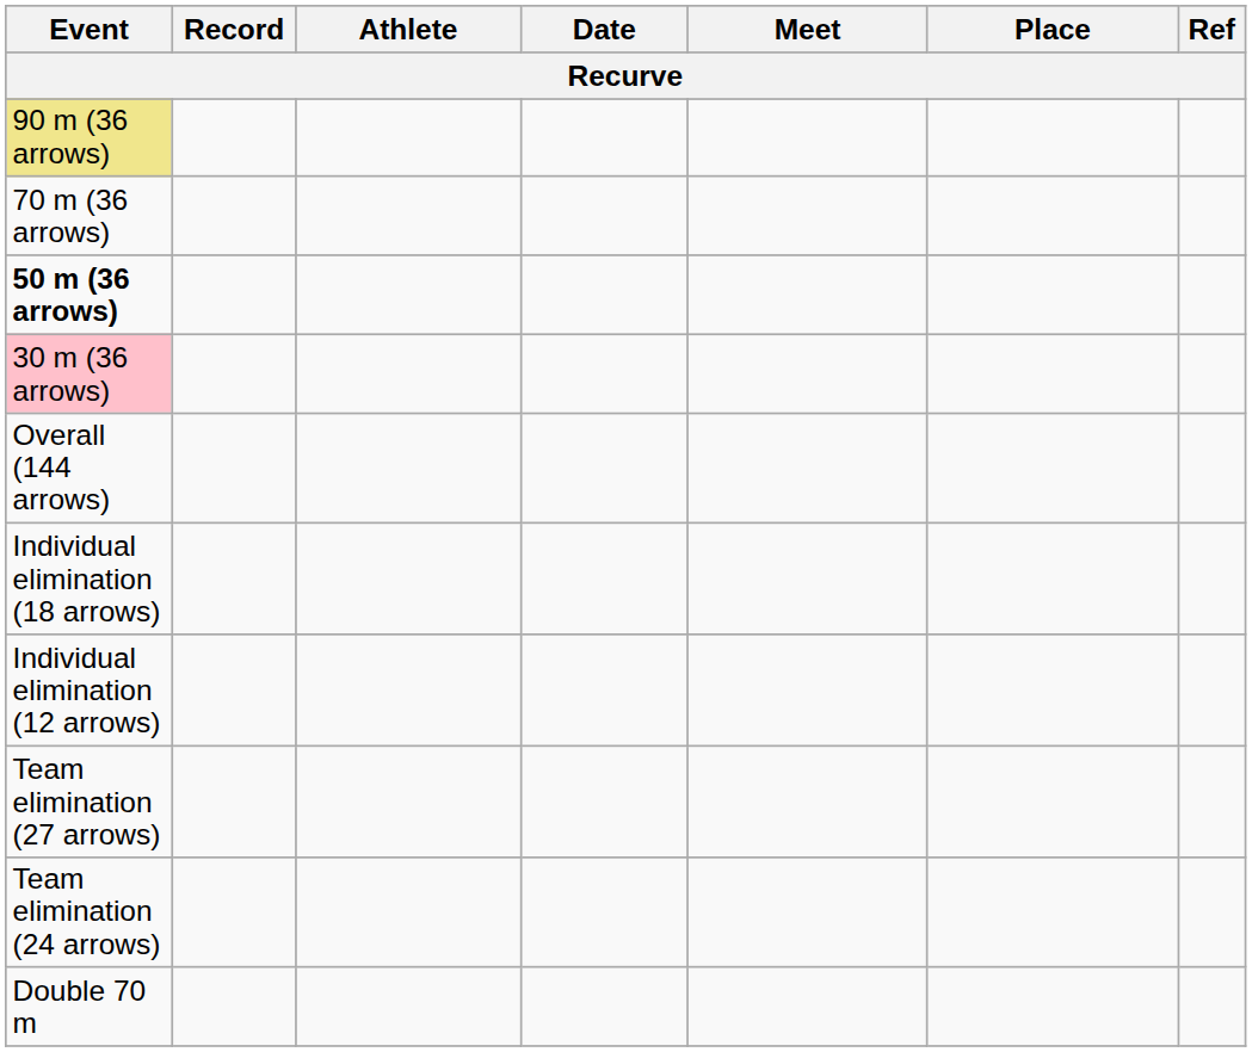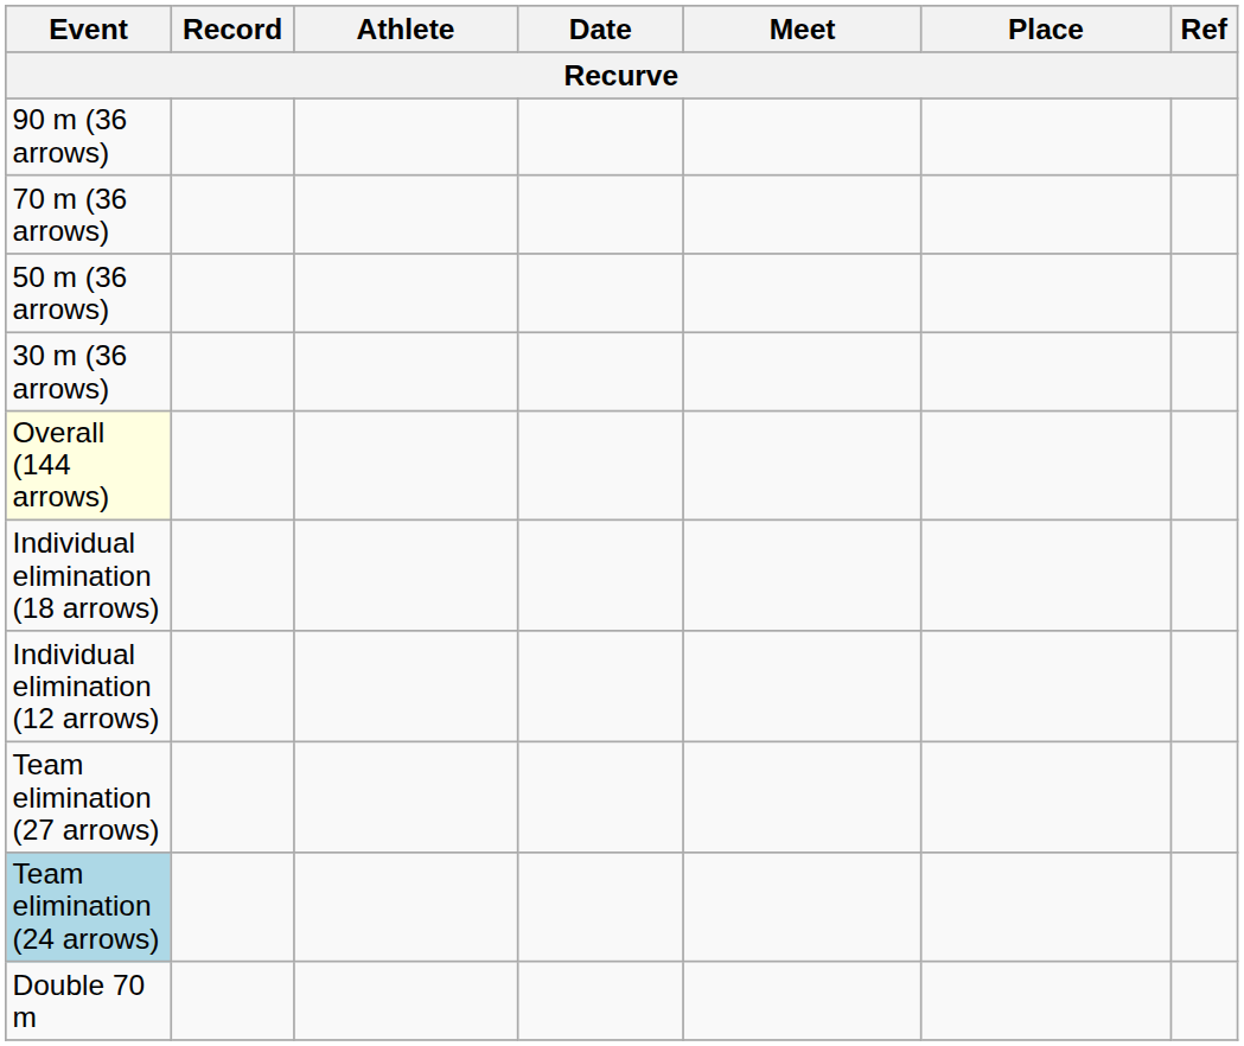 <table class="wikitable" style="font-size:90%; width: 98%;">
 <tr>
 <th width=8%>Event</th>
 <th width=6%>Record</th>
 <th width=16%>Athlete</th>
 <th width=12%>Date</th>
 <th width=17%>Meet</th>
 <th width=18%>Place</th>
 <th width=3%>Ref</th>
 </tr>
 <tr bgcolor="#DDDDDD">
 <th colspan="8">Recurve</th>
 </tr>
 <tr>
-<td style="background: khaki;">90 m (36 arrows)</td>
+<td>90 m (36 arrows)</td>
 <td align=center></td>
 <td></td>
 <td></td>
 <td></td>
 <td></td>
 <td></td>
 </tr>
 <tr>
 <td>70 m (36 arrows)</td>
 <td align=center></td>
 <td></td>
 <td></td>
 <td></td>
 <td></td>
 <td></td>
 </tr>
 <tr>
-<td><strong>50 m (36 arrows)</strong></td>
+<td>50 m (36 arrows)</td>
 <td align=center></td>
 <td></td>
 <td></td>
 <td></td>
 <td></td>
 <td></td>
 </tr>
 <tr>
-<td style="background: pink;">30 m (36 arrows)</td>
+<td>30 m (36 arrows)</td>
 <td align=center></td>
 <td></td>
 <td></td>
 <td></td>
 <td></td>
 <td></td>
 </tr>
 <tr>
-<td>Overall (144 arrows)</td>
+<td style="background: lightyellow;">Overall (144 arrows)</td>
 <td align=center></td>
 <td></td>
 <td></td>
 <td></td>
 <td></td>
 <td></td>
 </tr>
 <tr>
 <td>Individual elimination (18 arrows)</td>
 <td align=center></td>
 <td></td>
 <td></td>
 <td></td>
 <td></td>
 <td></td>
 </tr>
 <tr>
 <td>Individual elimination (12 arrows)</td>
 <td align=center></td>
 <td></td>
 <td></td>
 <td></td>
 <td></td>
 <td></td>
 </tr>
 <tr>
 <td>Team elimination (27 arrows)</td>
 <td align=center></td>
 <td></td>
 <td></td>
 <td></td>
 <td></td>
 <td></td>
 </tr>
 <tr>
-<td>Team elimination (24 arrows)</td>
+<td style="background: lightblue;">Team elimination (24 arrows)</td>
 <td align=center></td>
 <td></td>
 <td></td>
 <td></td>
 <td></td>
 <td></td>
 </tr>
 <tr>
 <td>Double 70 m</td>
 <td align=center></td>
 <td></td>
 <td></td>
 <td></td>
 <td></td>
 <td></td>
 </tr>
 </table>
